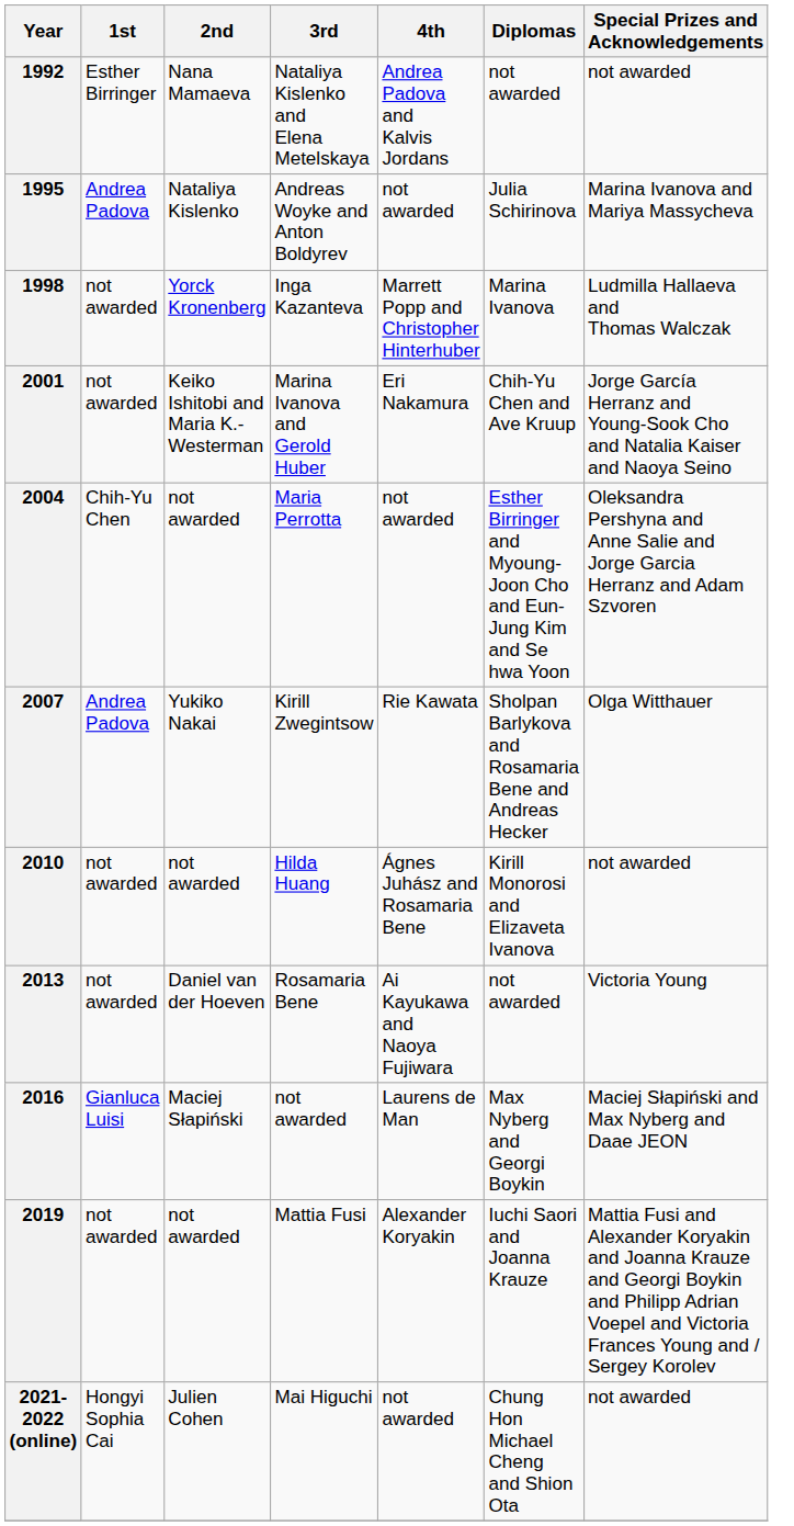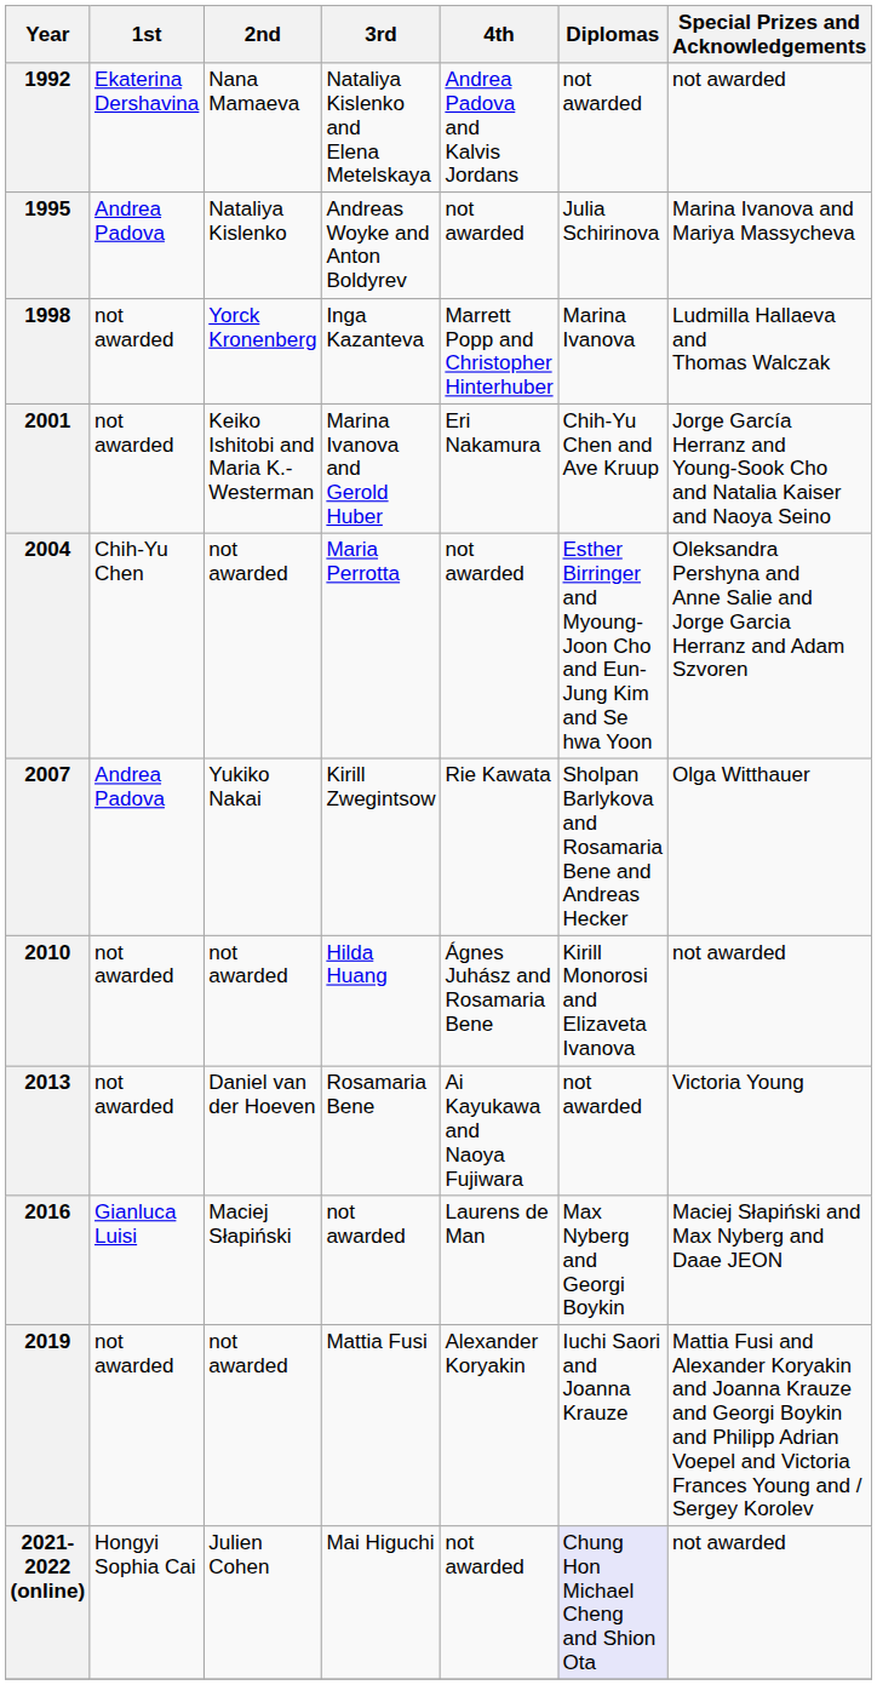 <table class="wikitable" style="font-size:97%;">
 <tr>
 <th width="5%">Year</th>
 <th width="15%">1st</th>
 <th width="15%">2nd</th>
 <th width="15%">3rd</th>
 <th width="15%">4th</th>
 <th width="15%">Diplomas</th>
 <th width="20%">Special Prizes and Acknowledgements</th>
 </tr>
 <tr valign="top">
 <th>1992</th>
-<td> Esther Birringer</td>
+<td> <a href='#'>Ekaterina Dershavina</a></td>
 <td> Nana Mamaeva</td>
 <td> Nataliya Kislenko and<br> Elena Metelskaya</td>
 <td> <a href='#'>Andrea Padova</a> and<br> Kalvis Jordans</td>
 <td>not awarded</td>
 <td>not awarded</td>
 </tr>
 <tr valign="top">
 <th>1995</th>
 <td> <a href='#'>Andrea Padova</a></td>
 <td> Nataliya Kislenko</td>
 <td> Andreas Woyke and<br> Anton Boldyrev</td>
 <td>not awarded</td>
 <td> Julia Schirinova</td>
 <td> Marina Ivanova and<br> Mariya Massycheva</td>
 </tr>
 <tr valign="top">
 <th>1998</th>
 <td>not awarded</td>
 <td> <a href='#'>Yorck Kronenberg</a></td>
 <td> Inga Kazanteva</td>
 <td> Marrett Popp and<br> <a href='#'>Christopher Hinterhuber</a></td>
 <td> Marina Ivanova</td>
 <td> Ludmilla Hallaeva and<br> Thomas Walczak</td>
 </tr>
 <tr valign="top">
 <th>2001</th>
 <td>not awarded</td>
 <td> Keiko Ishitobi and<br> Maria K.-Westerman</td>
 <td> Marina Ivanova and<br> <a href='#'>Gerold Huber</a></td>
 <td> Eri Nakamura</td>
 <td> Chih-Yu Chen and<br> Ave Kruup</td>
 <td> Jorge García Herranz and<br> Young-Sook Cho and   Natalia Kaiser and   Naoya Seino</td>
 </tr>
 <tr valign="top">
 <th>2004</th>
 <td> Chih-Yu Chen</td>
 <td>not awarded</td>
 <td> <a href='#'>Maria Perrotta</a></td>
 <td>not awarded</td>
 <td> <a href='#'>Esther Birringer</a> and<br> Myoung-Joon Cho and   Eun-Jung Kim and   Se hwa Yoon</td>
 <td> Oleksandra Pershyna and<br> Anne Salie and   Jorge Garcia Herranz and   Adam Szvoren</td>
 </tr>
 <tr valign="top">
 <th>2007</th>
 <td> <a href='#'>Andrea Padova</a></td>
 <td> Yukiko Nakai</td>
 <td> Kirill Zwegintsow</td>
 <td> Rie Kawata</td>
 <td> Sholpan Barlykova and<br> Rosamaria Bene and  Andreas Hecker</td>
 <td> Olga Witthauer</td>
 </tr>
 <tr valign="top">
 <th>2010</th>
 <td>not awarded</td>
 <td>not awarded</td>
 <td> <a href='#'>Hilda Huang</a></td>
 <td> Ágnes Juhász and<br> Rosamaria Bene</td>
 <td> Kirill Monorosi and<br> Elizaveta Ivanova</td>
 <td>not awarded</td>
 </tr>
 <tr valign="top">
 <th>2013</th>
 <td>not awarded</td>
 <td> Daniel van der Hoeven</td>
 <td> Rosamaria Bene</td>
 <td> Ai Kayukawa and<br> Naoya Fujiwara</td>
 <td>not awarded</td>
 <td> Victoria Young</td>
 </tr>
 <tr valign="top">
 <th>2016</th>
 <td> <a href='#'>Gianluca Luisi</a></td>
 <td> Maciej Słapiński</td>
 <td>not awarded</td>
 <td> Laurens de Man</td>
 <td> Max Nyberg and<br> Georgi Boykin</td>
 <td> Maciej Słapiński and<br> Max Nyberg and  Daae JEON</td>
 </tr>
 <tr valign="top">
 <th>2019</th>
 <td>not awarded</td>
 <td>not awarded</td>
 <td> Mattia Fusi</td>
 <td> Alexander Koryakin</td>
 <td> Iuchi Saori and<br> Joanna Krauze</td>
 <td> Mattia Fusi and<br> Alexander Koryakin and  Joanna Krauze and  Georgi Boykin and  Philipp Adrian Voepel and  Victoria Frances Young and / Sergey Korolev</td>
 </tr>
 <tr valign="top">
 <th>2021-2022 (online)</th>
 <td> Hongyi Sophia Cai</td>
 <td> Julien Cohen</td>
 <td> Mai Higuchi</td>
 <td>not awarded</td>
-<td> Chung Hon Michael Cheng and  Shion Ota</td>
+<td style="background: lavender;"> Chung Hon Michael Cheng and  Shion Ota</td>
 <td>not awarded</td>
 </tr>
 <tr valign="top">
 </tr>
 </table>
